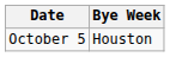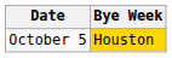 <table class="wikitable" style="font-size:95%;">
 <tr>
 <th>Date</th>
 <th colspan="3">Bye Week</th>
 </tr>
 <tr>
 <td>October 5</td>
-<td>Houston</td>
+<td style="background: gold;">Houston</td>
 </tr>
 </table>
